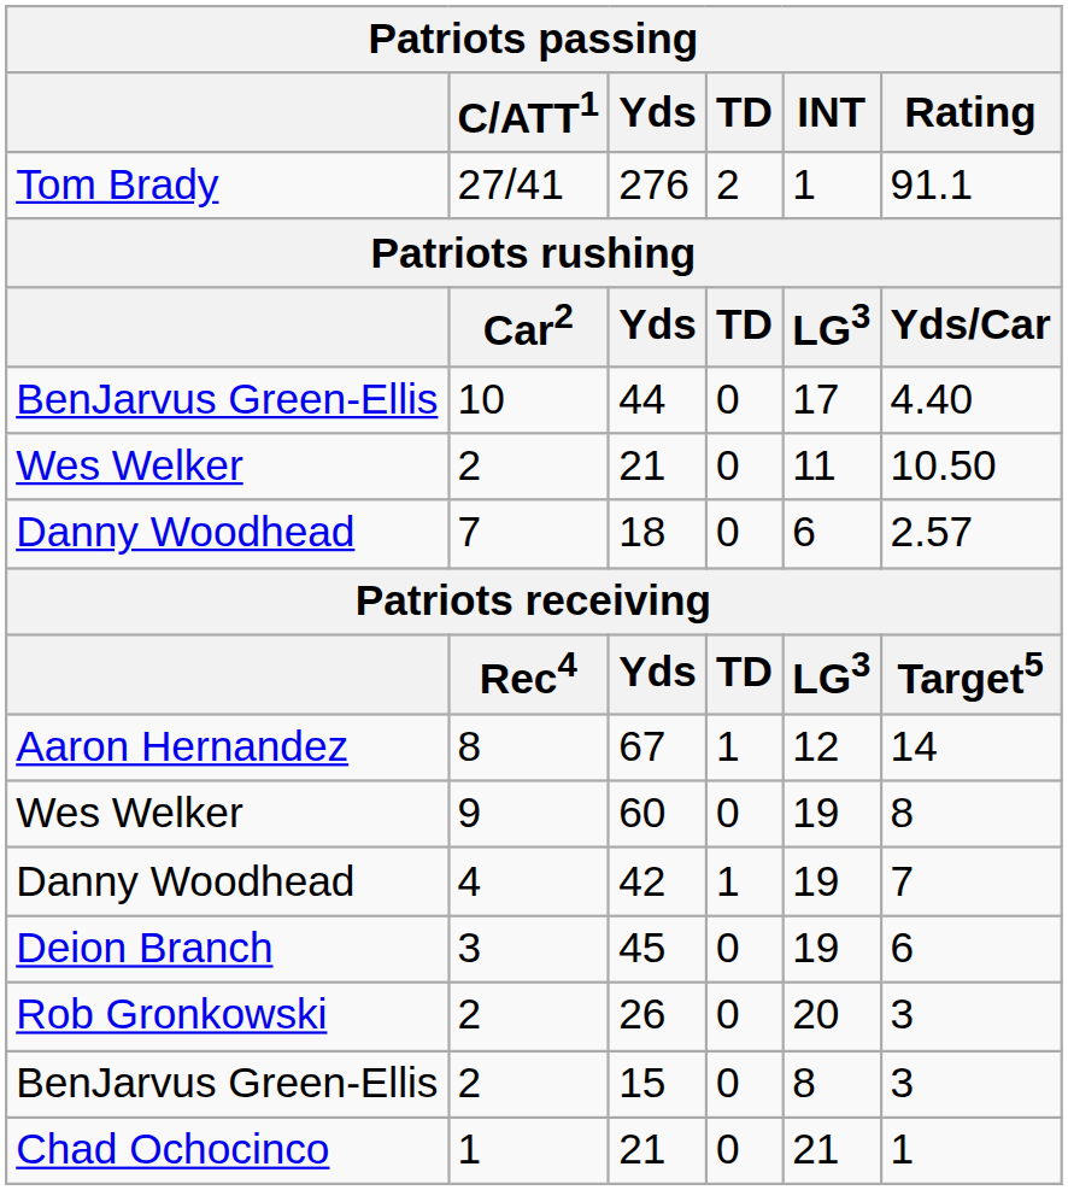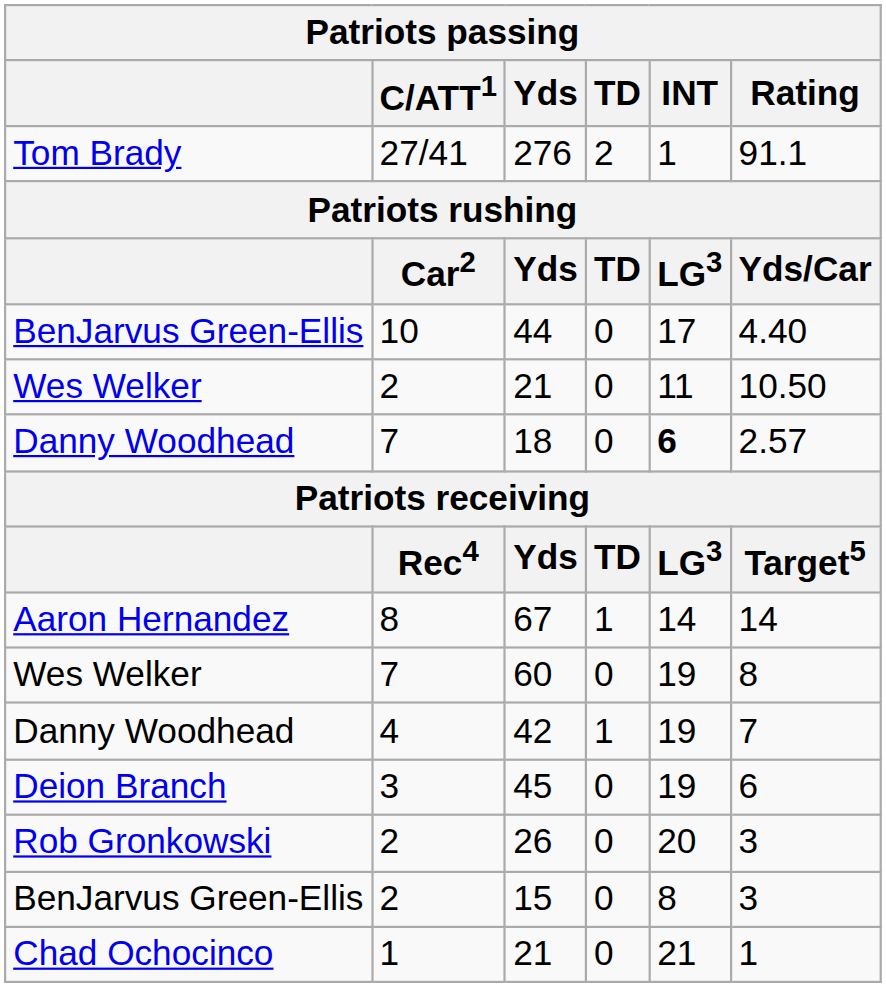 <table class="wikitable">
 <tr>
 <th colspan="6">Patriots passing</th>
 </tr>
 <tr>
 <th></th>
 <th>C/ATT<sup>1</sup></th>
 <th>Yds</th>
 <th>TD</th>
 <th>INT</th>
 <th>Rating</th>
 </tr>
 <tr>
 <td><a href='#'>Tom Brady</a></td>
 <td>27/41</td>
 <td>276</td>
 <td>2</td>
 <td>1</td>
 <td>91.1</td>
 </tr>
 <tr>
 <th colspan="6">Patriots rushing</th>
 </tr>
 <tr>
 <th></th>
 <th>Car<sup>2</sup></th>
 <th>Yds</th>
 <th>TD</th>
 <th>LG<sup>3</sup></th>
 <th>Yds/Car</th>
 </tr>
 <tr>
 <td><a href='#'>BenJarvus Green-Ellis</a></td>
 <td>10</td>
 <td>44</td>
 <td>0</td>
 <td>17</td>
 <td>4.40</td>
 </tr>
 <tr>
 <td><a href='#'>Wes Welker</a></td>
 <td>2</td>
 <td>21</td>
 <td>0</td>
 <td>11</td>
 <td>10.50</td>
 </tr>
 <tr>
 <td><a href='#'>Danny Woodhead</a></td>
 <td>7</td>
 <td>18</td>
 <td>0</td>
-<td>6</td>
+<td><strong>6</strong></td>
 <td>2.57</td>
 </tr>
 <tr>
 <th colspan="6">Patriots receiving</th>
 </tr>
 <tr>
 <th></th>
 <th>Rec<sup>4</sup></th>
 <th>Yds</th>
 <th>TD</th>
 <th>LG<sup>3</sup></th>
 <th>Target<sup>5</sup></th>
 </tr>
 <tr>
 <td><a href='#'>Aaron Hernandez</a></td>
 <td>8</td>
 <td>67</td>
 <td>1</td>
-<td>12</td>
+<td>14</td>
 <td>14</td>
 </tr>
 <tr>
 <td>Wes Welker</td>
-<td>9</td>
+<td>7</td>
 <td>60</td>
 <td>0</td>
 <td>19</td>
 <td>8</td>
 </tr>
 <tr>
 <td>Danny Woodhead</td>
 <td>4</td>
 <td>42</td>
 <td>1</td>
 <td>19</td>
 <td>7</td>
 </tr>
 <tr>
 <td><a href='#'>Deion Branch</a></td>
 <td>3</td>
 <td>45</td>
 <td>0</td>
 <td>19</td>
 <td>6</td>
 </tr>
 <tr>
 <td><a href='#'>Rob Gronkowski</a></td>
 <td>2</td>
 <td>26</td>
 <td>0</td>
 <td>20</td>
 <td>3</td>
 </tr>
 <tr>
 <td>BenJarvus Green-Ellis</td>
 <td>2</td>
 <td>15</td>
 <td>0</td>
 <td>8</td>
 <td>3</td>
 </tr>
 <tr>
 <td><a href='#'>Chad Ochocinco</a></td>
 <td>1</td>
 <td>21</td>
 <td>0</td>
 <td>21</td>
 <td>1</td>
 </tr>
 </table>
